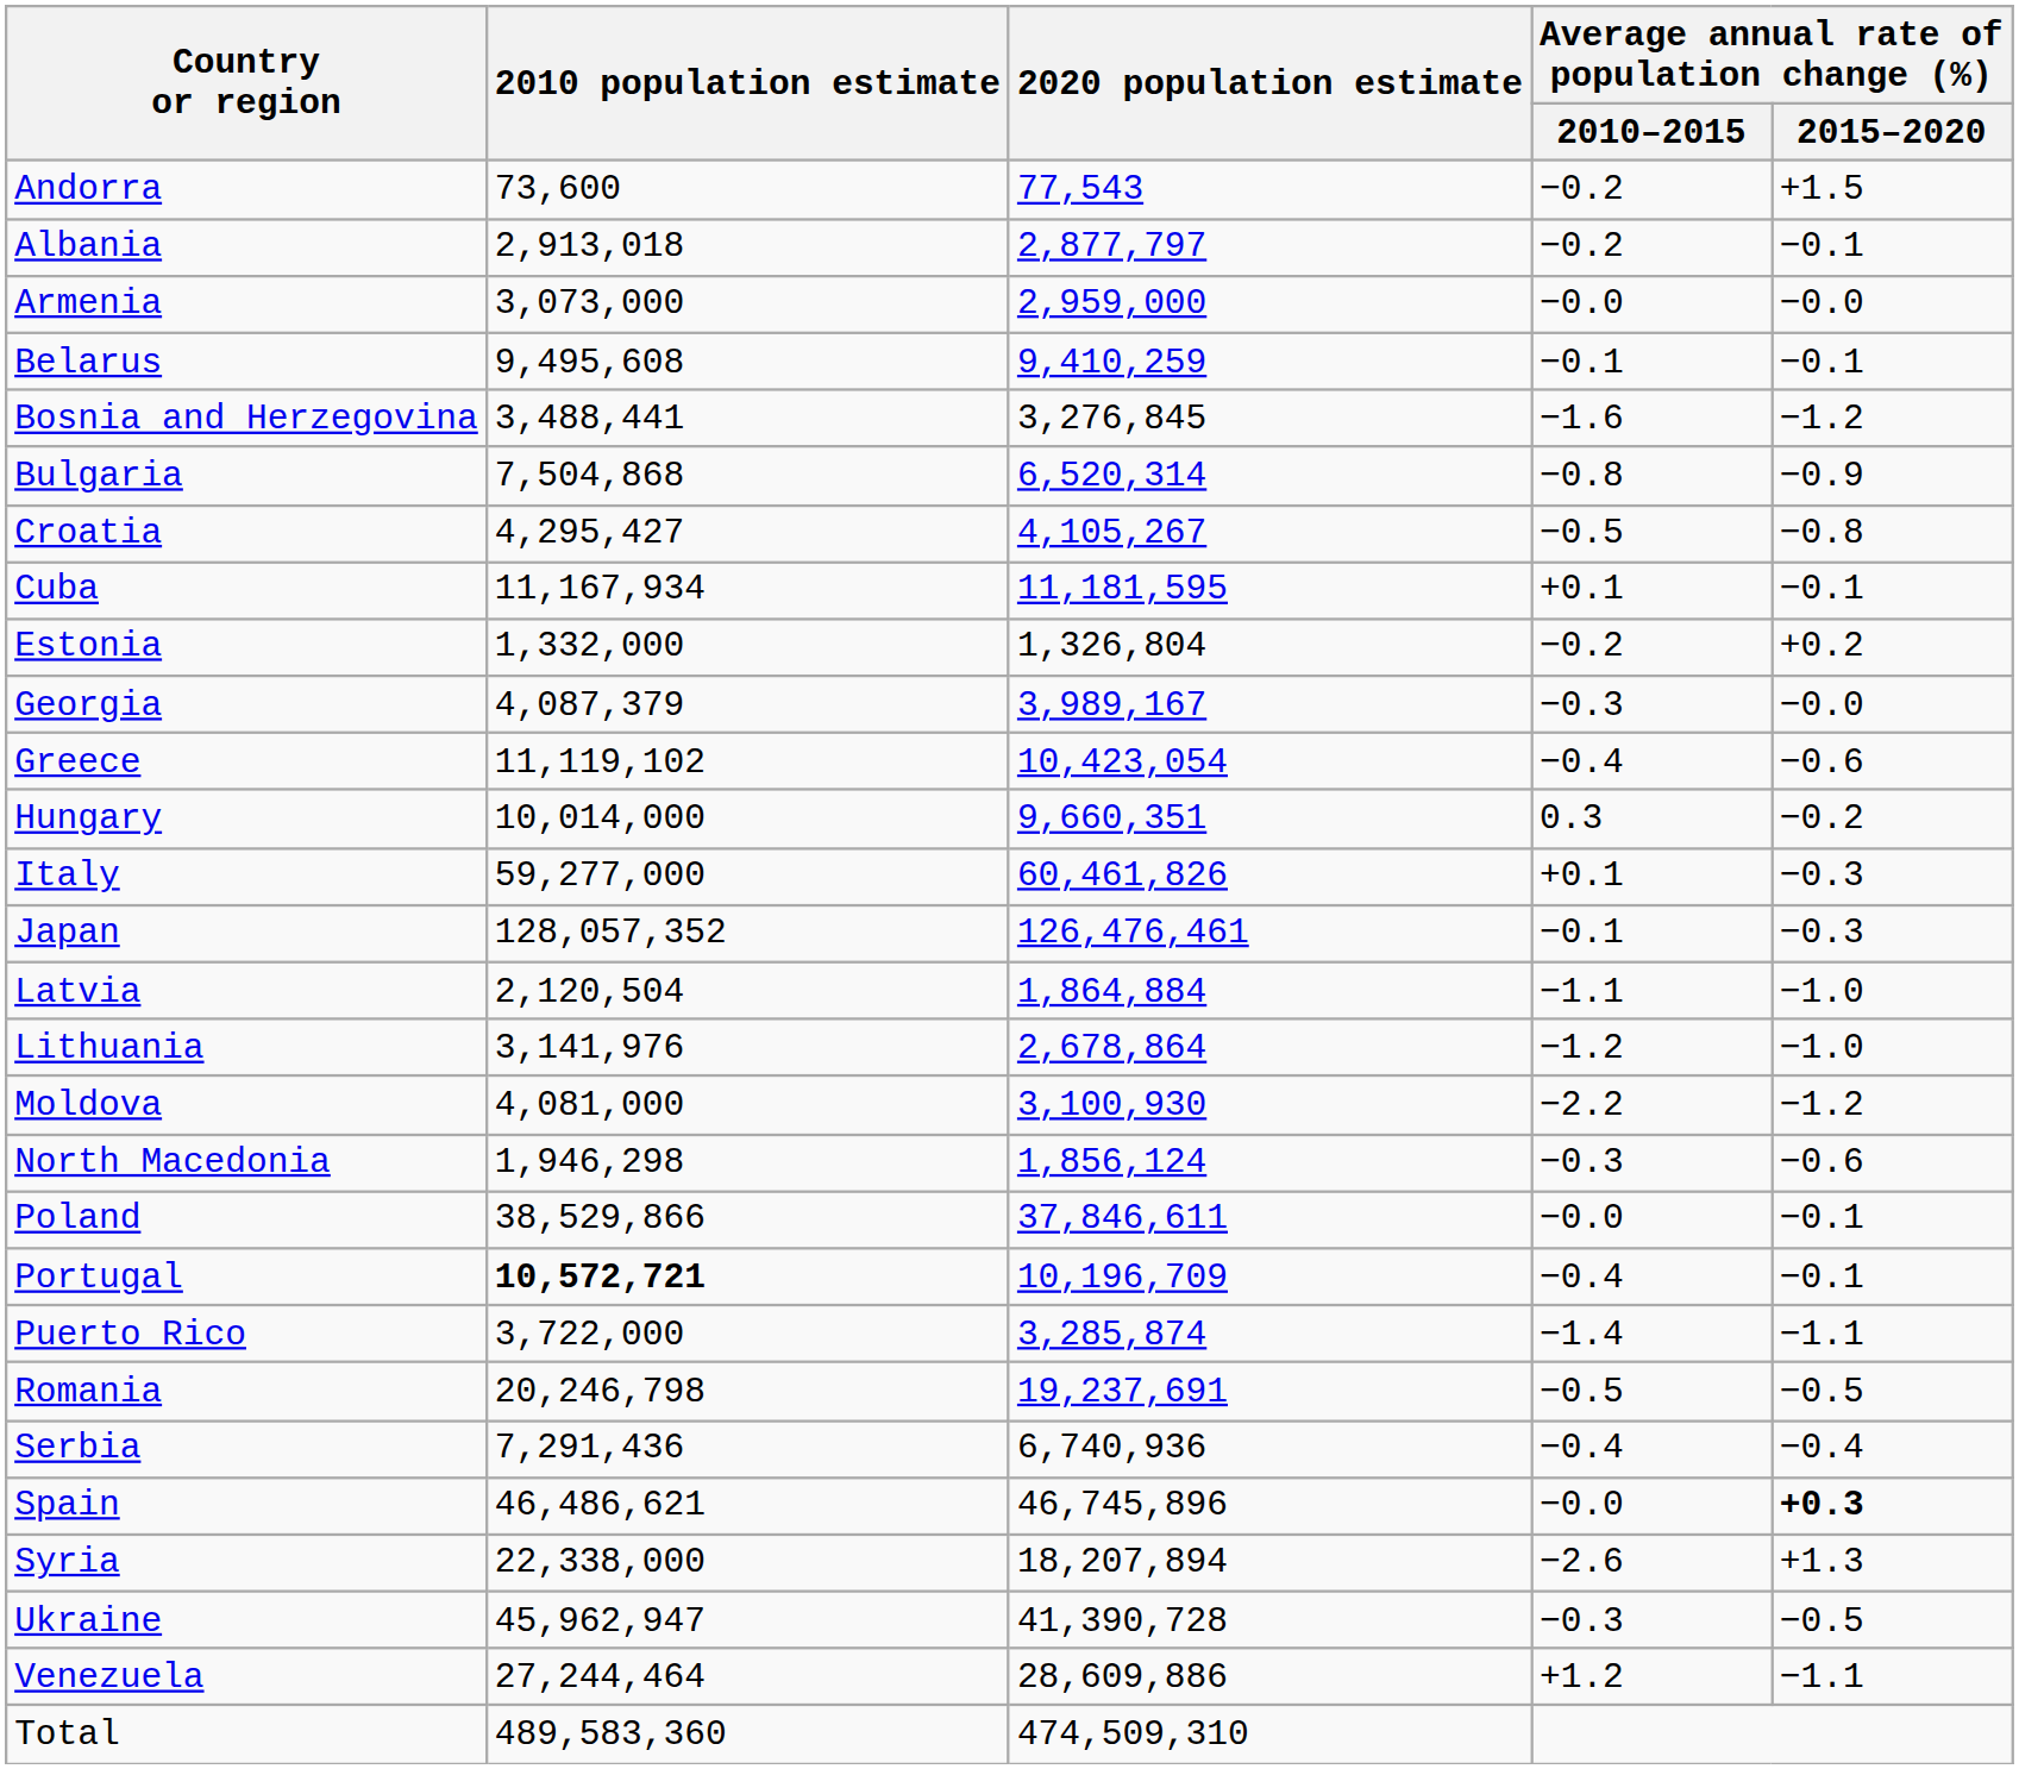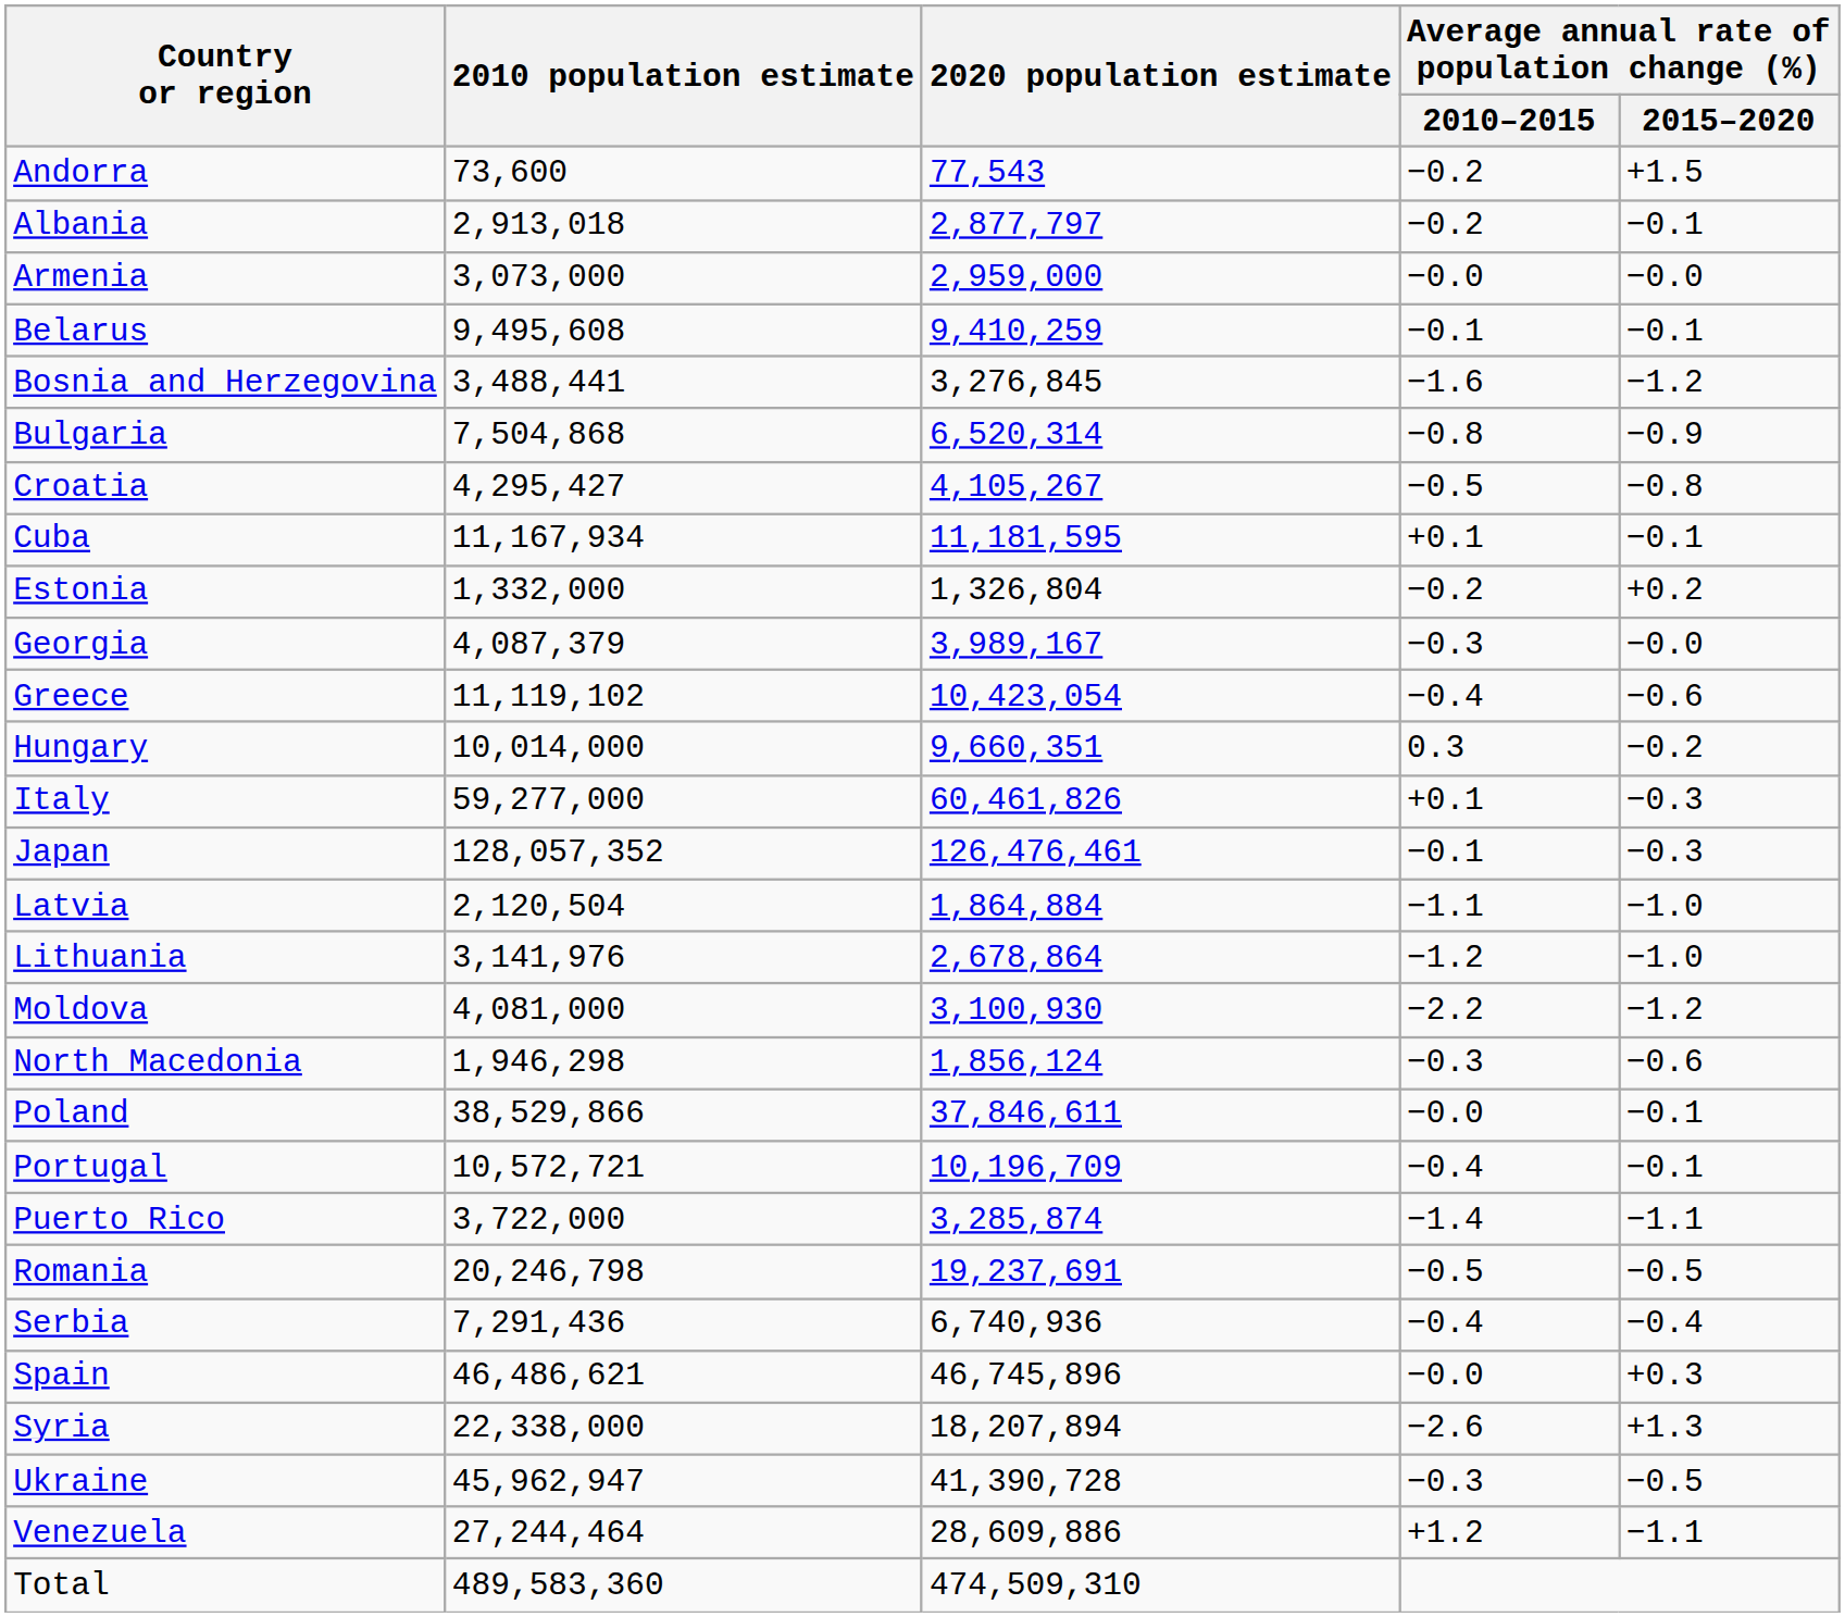 <table class="wikitable sortable">
 <tr>
 <th rowspan=2>Country<br>or region</th>
 <th rowspan=2 data-sort-type="number">2010 population estimate</th>
 <th rowspan=2 data-sort-type="number">2020 population estimate</th>
 <th colspan=2>Average annual rate of<br>population change (%)</th>
 </tr>
 <tr>
 <th>2010–2015</th>
 <th>2015–2020</th>
 </tr>
 <tr>
 <td> <a href='#'>Andorra</a></td>
 <td>73,600</td>
 <td><a href='#'>77,543</a></td>
 <td>−0.2</td>
 <td>+1.5</td>
 </tr>
 <tr>
 <td> <a href='#'>Albania</a></td>
 <td>2,913,018</td>
 <td><a href='#'>2,877,797</a></td>
 <td>−0.2</td>
 <td>−0.1</td>
 </tr>
 <tr>
 <td> <a href='#'>Armenia</a></td>
 <td>3,073,000</td>
 <td><a href='#'>2,959,000</a></td>
 <td>−0.0</td>
 <td>−0.0</td>
 </tr>
 <tr>
 <td> <a href='#'>Belarus</a></td>
 <td>9,495,608</td>
 <td><a href='#'>9,410,259</a></td>
 <td>−0.1</td>
 <td>−0.1</td>
 </tr>
 <tr>
 <td> <a href='#'>Bosnia and Herzegovina</a></td>
 <td>3,488,441</td>
 <td>3,276,845</td>
 <td>−1.6</td>
 <td>−1.2</td>
 </tr>
 <tr>
 <td> <a href='#'>Bulgaria</a></td>
 <td>7,504,868</td>
 <td><a href='#'>6,520,314</a></td>
 <td>−0.8</td>
 <td>−0.9</td>
 </tr>
 <tr>
 <td> <a href='#'>Croatia</a></td>
 <td>4,295,427</td>
 <td><a href='#'>4,105,267</a></td>
 <td>−0.5</td>
 <td>−0.8</td>
 </tr>
 <tr>
 <td> <a href='#'>Cuba</a></td>
 <td>11,167,934</td>
 <td><a href='#'>11,181,595</a></td>
 <td>+0.1</td>
 <td>−0.1</td>
 </tr>
 <tr>
 <td> <a href='#'>Estonia</a></td>
 <td>1,332,000</td>
 <td>1,326,804</td>
 <td>−0.2</td>
 <td>+0.2</td>
 </tr>
 <tr>
 <td> <a href='#'>Georgia</a></td>
 <td>4,087,379</td>
 <td><a href='#'>3,989,167</a></td>
 <td>−0.3</td>
 <td>−0.0</td>
 </tr>
 <tr>
 <td> <a href='#'>Greece</a></td>
 <td>11,119,102</td>
 <td><a href='#'>10,423,054</a></td>
 <td>−0.4</td>
 <td>−0.6</td>
 </tr>
 <tr>
 <td> <a href='#'>Hungary</a></td>
 <td>10,014,000</td>
 <td><a href='#'>9,660,351</a></td>
 <td>0.3</td>
 <td>−0.2</td>
 </tr>
 <tr>
 <td> <a href='#'>Italy</a></td>
 <td>59,277,000</td>
 <td><a href='#'>60,461,826</a></td>
 <td>+0.1</td>
 <td>−0.3</td>
 </tr>
 <tr>
 <td> <a href='#'>Japan</a></td>
 <td>128,057,352</td>
 <td><a href='#'>126,476,461</a></td>
 <td>−0.1</td>
 <td>−0.3</td>
 </tr>
 <tr>
 <td> <a href='#'>Latvia</a></td>
 <td>2,120,504</td>
 <td><a href='#'>1,864,884</a></td>
 <td>−1.1</td>
 <td>−1.0</td>
 </tr>
 <tr>
 <td> <a href='#'>Lithuania</a></td>
 <td>3,141,976</td>
 <td><a href='#'>2,678,864</a></td>
 <td>−1.2</td>
 <td>−1.0</td>
 </tr>
 <tr>
 <td> <a href='#'>Moldova</a></td>
 <td>4,081,000</td>
 <td><a href='#'>3,100,930</a></td>
 <td>−2.2</td>
 <td>−1.2</td>
 </tr>
 <tr>
 <td> <a href='#'>North Macedonia</a></td>
 <td>1,946,298</td>
 <td><a href='#'>1,856,124</a></td>
 <td>−0.3</td>
 <td>−0.6</td>
 </tr>
 <tr>
 <td> <a href='#'>Poland</a></td>
 <td>38,529,866</td>
 <td><a href='#'>37,846,611</a></td>
 <td>−0.0</td>
 <td>−0.1</td>
 </tr>
 <tr>
 <td> <a href='#'>Portugal</a></td>
-<td><strong>10,572,721</strong></td>
+<td>10,572,721</td>
 <td><a href='#'>10,196,709</a></td>
 <td>−0.4</td>
 <td>−0.1</td>
 </tr>
 <tr>
 <td> <a href='#'>Puerto Rico</a></td>
 <td>3,722,000</td>
 <td><a href='#'>3,285,874</a></td>
 <td>−1.4</td>
 <td>−1.1</td>
 </tr>
 <tr>
 <td> <a href='#'>Romania</a></td>
 <td>20,246,798</td>
 <td><a href='#'>19,237,691</a></td>
 <td>−0.5</td>
 <td>−0.5</td>
 </tr>
 <tr>
 <td> <a href='#'>Serbia</a></td>
 <td>7,291,436</td>
 <td>6,740,936</td>
 <td>−0.4</td>
 <td>−0.4</td>
 </tr>
 <tr>
 <td> <a href='#'>Spain</a></td>
 <td>46,486,621</td>
 <td>46,745,896</td>
 <td>−0.0</td>
-<td><strong>+0.3</strong></td>
+<td>+0.3</td>
 </tr>
 <tr>
 <td> <a href='#'>Syria</a></td>
 <td>22,338,000</td>
 <td>18,207,894</td>
 <td>−2.6</td>
 <td>+1.3</td>
 </tr>
 <tr>
 <td> <a href='#'>Ukraine</a></td>
 <td>45,962,947</td>
 <td>41,390,728</td>
 <td>−0.3</td>
 <td>−0.5</td>
 </tr>
 <tr>
 <td> <a href='#'>Venezuela</a></td>
 <td>27,244,464</td>
 <td>28,609,886</td>
 <td>+1.2</td>
 <td>−1.1</td>
 </tr>
 <tr>
 <td>Total</td>
 <td>489,583,360</td>
 <td>474,509,310</td>
 </tr>
 </table>
